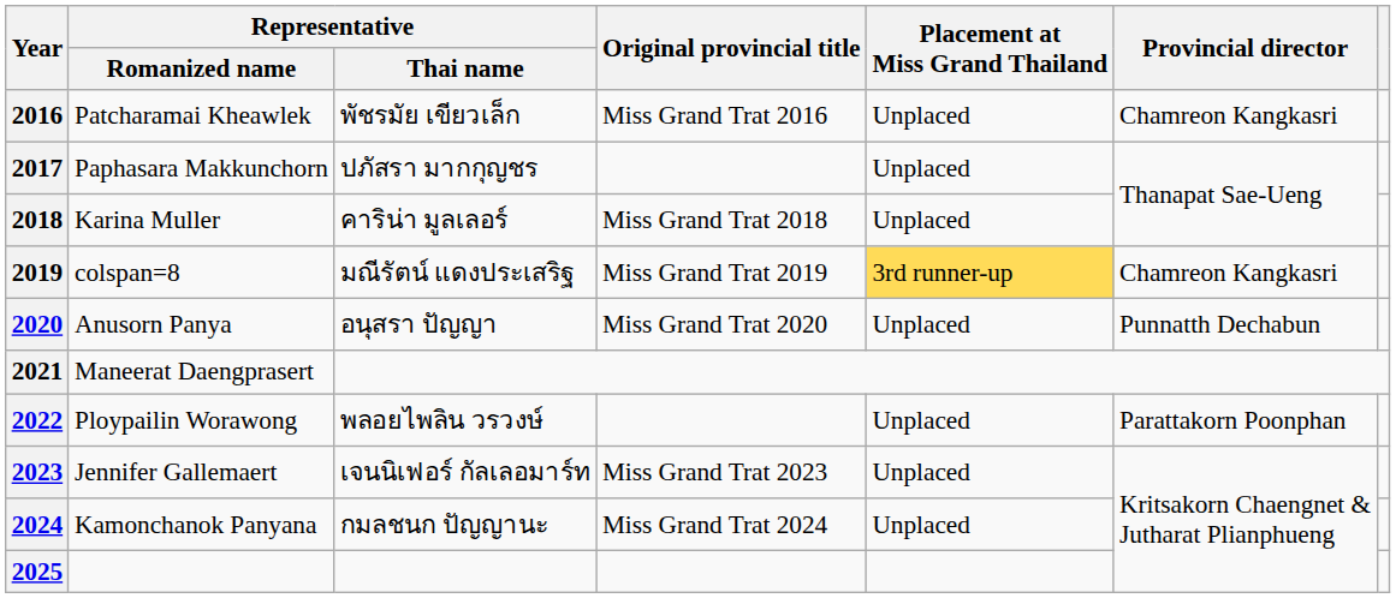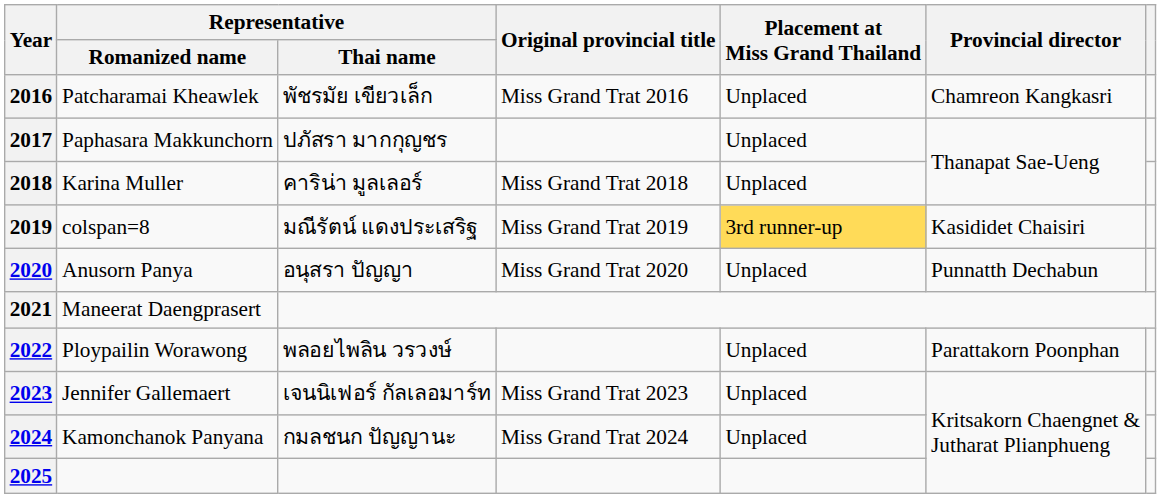 <table class="wikitable defaultcenter col2left col3left col6left" style="font-size:95%;">
 <tr>
 <th rowspan=2>Year</th>
 <th colspan=2>Representative</th>
 <th rowspan=2>Original provincial title</th>
 <th rowspan=2>Placement at<br>Miss Grand Thailand</th>
 <th rowspan=2>Provincial director</th>
 <th rowspan=2></th>
 </tr>
 <tr>
 <th>Romanized name</th>
 <th>Thai name</th>
 </tr>
 <tr>
 <th>2016</th>
 <td>Patcharamai Kheawlek</td>
 <td>พัชรมัย เขียวเล็ก</td>
 <td>Miss Grand Trat 2016</td>
 <td>Unplaced</td>
 <td>Chamreon Kangkasri</td>
 <td></td>
 </tr>
 <tr>
 <th>2017</th>
 <td>Paphasara Makkunchorn</td>
 <td>ปภัสรา มากกุญชร</td>
 <td></td>
 <td>Unplaced</td>
 <td rowspan=2>Thanapat Sae-Ueng</td>
 <td></td>
 </tr>
 <tr>
 <th>2018</th>
 <td>Karina Muller</td>
 <td>คาริน่า มูลเลอร์</td>
 <td>Miss Grand Trat 2018</td>
 <td>Unplaced</td>
 <td></td>
 </tr>
 <tr>
 <th>2019</th>
 <td>colspan=8 </td>
 <td>มณีรัตน์ แดงประเสริฐ</td>
 <td>Miss Grand Trat 2019</td>
 <td bgcolor=#FFDB58>3rd runner-up</td>
-<td>Chamreon Kangkasri</td>
+<td>Kasididet Chaisiri</td>
 <td></td>
 </tr>
 <tr>
 <th><a href='#'>2020</a></th>
 <td>Anusorn Panya</td>
 <td>อนุสรา ปัญญา</td>
 <td>Miss Grand Trat 2020</td>
 <td>Unplaced</td>
 <td>Punnatth Dechabun</td>
 <td></td>
 </tr>
 <tr>
 <th>2021</th>
 <td>Maneerat Daengprasert</td>
 </tr>
 <tr>
 <th><a href='#'>2022</a></th>
 <td>Ploypailin Worawong</td>
 <td>พลอยไพลิน วรวงษ์</td>
 <td></td>
 <td>Unplaced</td>
 <td>Parattakorn Poonphan</td>
 <td></td>
 </tr>
 <tr>
 <th><a href='#'>2023</a></th>
 <td>Jennifer Gallemaert</td>
 <td>เจนนิเฟอร์ กัลเลอมาร์ท</td>
 <td>Miss Grand Trat 2023</td>
 <td>Unplaced</td>
 <td rowspan=3>Kritsakorn Chaengnet &<br>Jutharat Plianphueng<br></td>
 <td></td>
 </tr>
 <tr>
 <th><a href='#'>2024</a></th>
 <td>Kamonchanok Panyana</td>
 <td>กมลชนก ปัญญานะ</td>
 <td>Miss Grand Trat 2024</td>
 <td>Unplaced</td>
 <td></td>
 </tr>
 <tr>
 <th><a href='#'>2025</a></th>
 <td></td>
 <td></td>
 <td></td>
 <td></td>
 </tr>
 </table>
